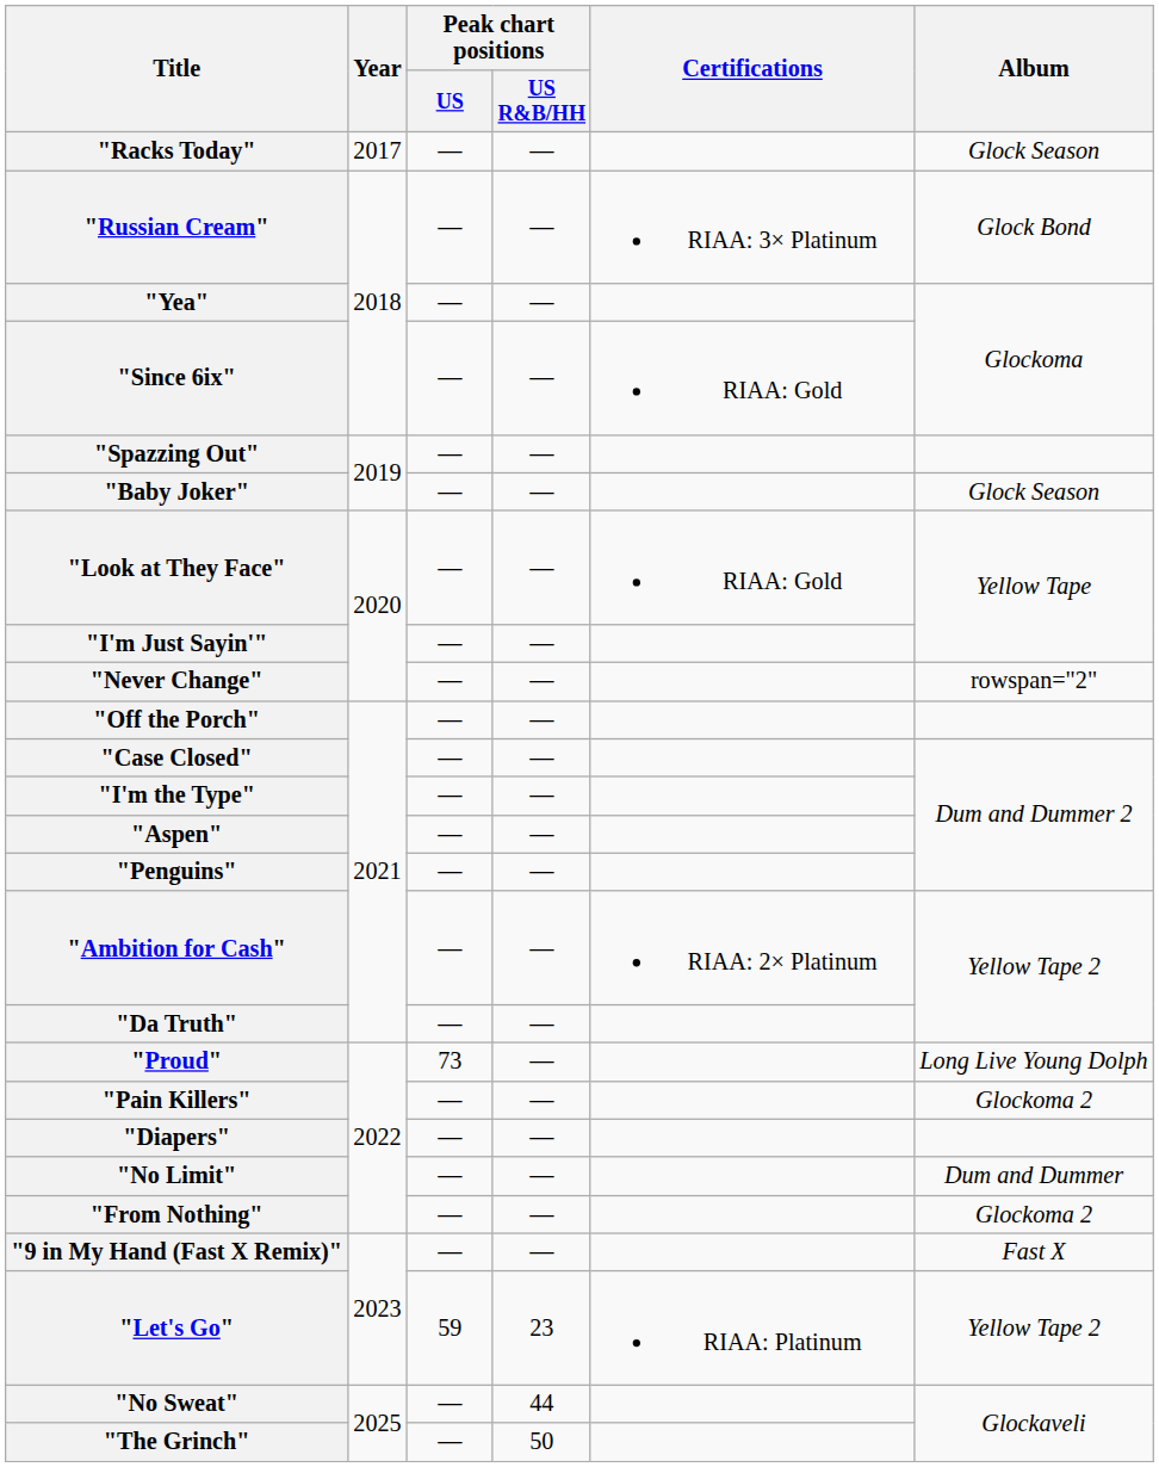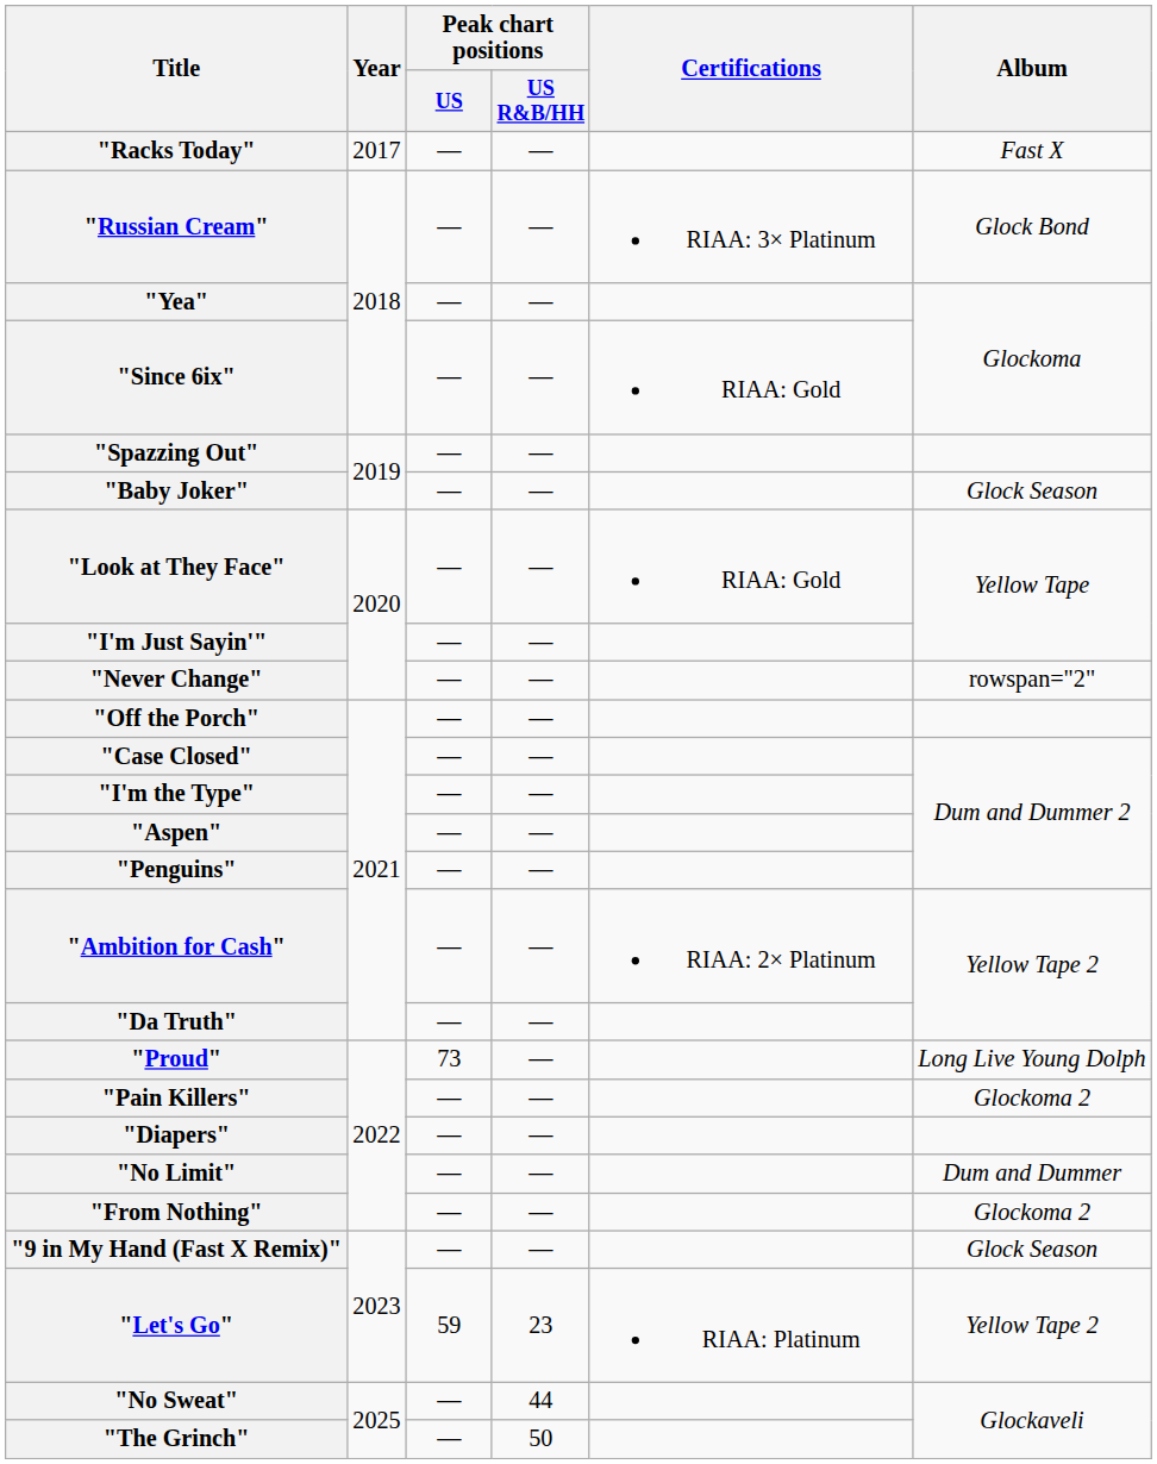 <table class="wikitable plainrowheaders" style="text-align:center;">
 <tr>
 <th rowspan="2">Title</th>
 <th rowspan="2">Year</th>
 <th colspan="2">Peak chart positions</th>
 <th scope="col" rowspan="2" style="width:13em;"><a href='#'>Certifications</a></th>
 <th rowspan="2">Album</th>
 </tr>
 <tr>
 <th style="width:3.5em; font-size:90%"><a href='#'>US</a><br></th>
 <th style="width:3.5em; font-size:90%"><a href='#'>US<br>R&B/HH</a><br></th>
 </tr>
 <tr>
 <th scope="row">"Racks Today"<br></th>
 <td>2017</td>
 <td>—</td>
 <td>—</td>
 <td></td>
-<td><em>Glock Season</em></td>
+<td><em>Fast X</em></td>
 </tr>
 <tr>
 <th scope="row">"<a href='#'>Russian Cream</a>"</th>
 <td rowspan="3">2018</td>
 <td>—</td>
 <td>—</td>
 <td><br><ul><li>RIAA: 3× Platinum</li></ul></td>
 <td><em>Glock Bond</em></td>
 </tr>
 <tr>
 <th scope="row">"Yea"</th>
 <td>—</td>
 <td>—</td>
 <td></td>
 <td rowspan="2"><em>Glockoma</em></td>
 </tr>
 <tr>
 <th scope="row">"Since 6ix"</th>
 <td>—</td>
 <td>—</td>
 <td><br><ul><li>RIAA: Gold</li></ul></td>
 </tr>
 <tr>
 <th scope="row">"Spazzing Out"</th>
 <td rowspan="2">2019</td>
 <td>—</td>
 <td>—</td>
 <td></td>
 <td></td>
 </tr>
 <tr>
 <th scope="row">"Baby Joker"<br></th>
 <td>—</td>
 <td>—</td>
 <td></td>
 <td><em>Glock Season</em></td>
 </tr>
 <tr>
 <th scope="row">"Look at They Face"</th>
 <td rowspan="3">2020</td>
 <td>—</td>
 <td>—</td>
 <td><br><ul><li>RIAA: Gold</li></ul></td>
 <td rowspan="2"><em>Yellow Tape</em></td>
 </tr>
 <tr>
 <th scope="row">"I'm Just Sayin'"</th>
 <td>—</td>
 <td>—</td>
 <td></td>
 </tr>
 <tr>
 <th scope="row">"Never Change"</th>
 <td>—</td>
 <td>—</td>
 <td></td>
 <td>rowspan="2" </td>
 </tr>
 <tr>
 <th scope="row">"Off the Porch"</th>
 <td rowspan="7">2021</td>
 <td>—</td>
 <td>—</td>
 <td></td>
 </tr>
 <tr>
 <th scope="row">"Case Closed"<br></th>
 <td>—</td>
 <td>—</td>
 <td></td>
 <td rowspan="4"><em>Dum and Dummer 2</em></td>
 </tr>
 <tr>
 <th scope="row">"I'm the Type"</th>
 <td>—</td>
 <td>—</td>
 <td></td>
 </tr>
 <tr>
 <th scope="row">"Aspen"<br></th>
 <td>—</td>
 <td>—</td>
 <td></td>
 </tr>
 <tr>
 <th scope="row">"Penguins"<br></th>
 <td>—</td>
 <td>—</td>
 <td></td>
 </tr>
 <tr>
 <th scope="row">"<a href='#'>Ambition for Cash</a>"</th>
 <td>—</td>
 <td>—</td>
 <td><br><ul><li>RIAA: 2× Platinum</li></ul></td>
 <td rowspan="2"><em>Yellow Tape 2</em></td>
 </tr>
 <tr>
 <th scope="row">"Da Truth"</th>
 <td>—</td>
 <td>—</td>
 <td></td>
 </tr>
 <tr>
 <th scope="row">"<a href='#'>Proud</a>"<br></th>
 <td rowspan="5">2022</td>
 <td>73</td>
 <td>—</td>
 <td></td>
 <td><em>Long Live Young Dolph</em></td>
 </tr>
 <tr>
 <th scope="row">"Pain Killers"</th>
 <td>—</td>
 <td>—</td>
 <td></td>
 <td><em>Glockoma 2</em></td>
 </tr>
 <tr>
 <th scope="row">"Diapers"</th>
 <td>—</td>
 <td>—</td>
 <td></td>
 <td></td>
 </tr>
 <tr>
 <th scope="row">"No Limit"<br></th>
 <td>—</td>
 <td>—</td>
 <td></td>
 <td><em>Dum and Dummer</em></td>
 </tr>
 <tr>
 <th scope="row">"From Nothing"</th>
 <td>—</td>
 <td>—</td>
 <td></td>
 <td><em>Glockoma 2</em></td>
 </tr>
 <tr>
 <th scope="row">"9 in My Hand (Fast X Remix)"<br></th>
 <td rowspan="2">2023</td>
 <td>—</td>
 <td>—</td>
 <td></td>
-<td><em>Fast X</em></td>
+<td><em>Glock Season</em></td>
 </tr>
 <tr>
 <th scope="row">"<a href='#'>Let's Go</a>"</th>
 <td>59</td>
 <td>23</td>
 <td><br><ul><li>RIAA: Platinum</li></ul></td>
 <td><em>Yellow Tape 2</em></td>
 </tr>
 <tr>
 <th scope="row">"No Sweat"</th>
 <td rowspan="2">2025</td>
 <td>—</td>
 <td>44</td>
 <td></td>
 <td rowspan="2"><em>Glockaveli</em></td>
 </tr>
 <tr>
 <th scope="row">"The Grinch"</th>
 <td>—</td>
 <td>50</td>
 <td></td>
 </tr>
 </table>
